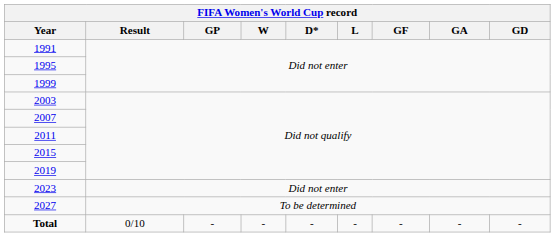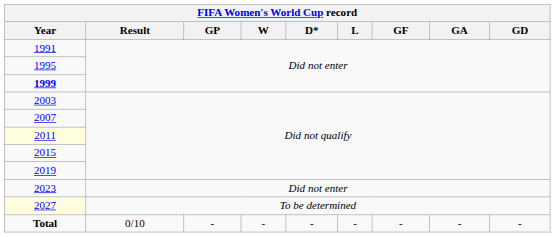 <table class="wikitable" style="text-align: center; width:50%;">
 <tr>
 <th colspan=10><a href='#'>FIFA Women's World Cup</a> record</th>
 </tr>
 <tr>
 <th>Year</th>
 <th>Result</th>
 <th>GP</th>
 <th>W</th>
 <th>D*</th>
 <th>L</th>
 <th>GF</th>
 <th>GA</th>
 <th>GD</th>
 </tr>
 <tr>
 <td> <a href='#'>1991</a></td>
 <td colspan=8 rowspan =3><em>Did not enter</em></td>
 </tr>
 <tr>
 <td> <a href='#'>1995</a></td>
 </tr>
 <tr>
-<td> <a href='#'>1999</a></td>
+<td><strong> <a href='#'>1999</a></strong></td>
 </tr>
 <tr>
 <td> <a href='#'>2003</a></td>
 <td colspan=8 rowspan =5><em>Did not qualify</em></td>
 </tr>
 <tr>
 <td> <a href='#'>2007</a></td>
 </tr>
 <tr>
-<td> <a href='#'>2011</a></td>
+<td style="background: lightyellow;"> <a href='#'>2011</a></td>
 </tr>
 <tr>
 <td> <a href='#'>2015</a></td>
 </tr>
 <tr>
 <td> <a href='#'>2019</a></td>
 </tr>
 <tr>
 <td> <a href='#'>2023</a></td>
 <td colspan=8><em>Did not enter</em></td>
 </tr>
 <tr>
-<td> <a href='#'>2027</a></td>
+<td style="background: lightyellow;"> <a href='#'>2027</a></td>
 <td colspan=8><em>To be determined</em></td>
 </tr>
 <tr>
 <td><strong>Total</strong></td>
 <td>0/10</td>
 <td>-</td>
 <td>-</td>
 <td>-</td>
 <td>-</td>
 <td>-</td>
 <td>-</td>
 <td>-</td>
 </tr>
 </table>
